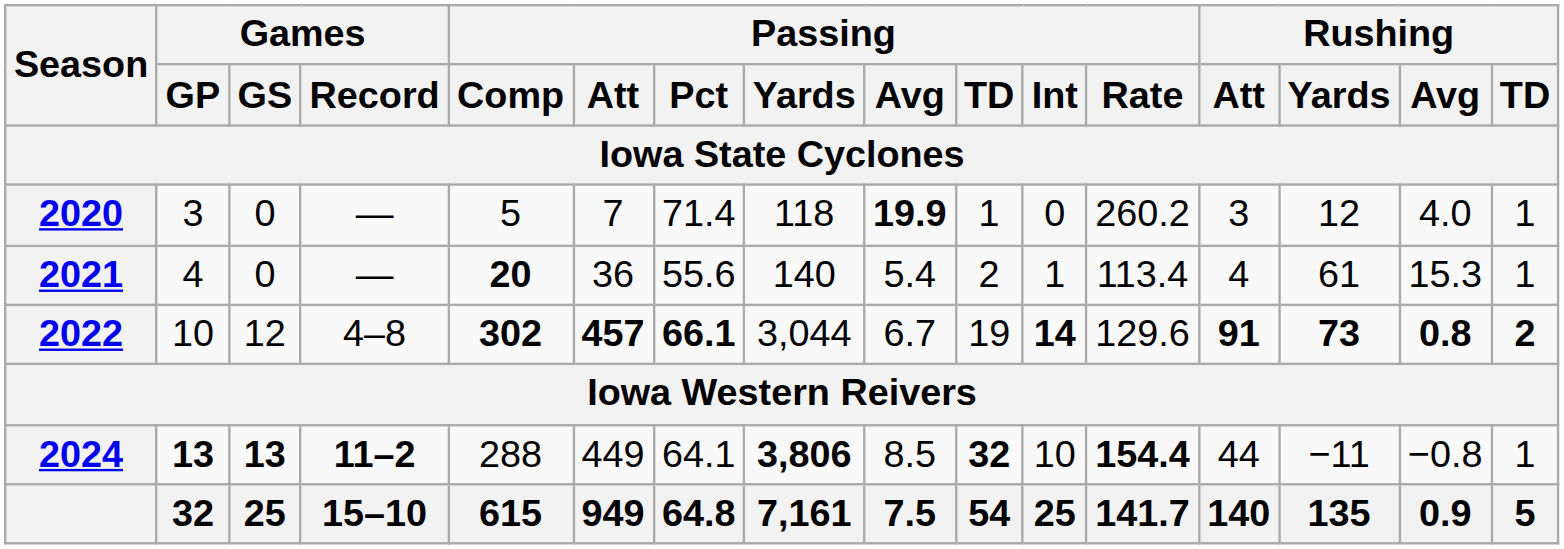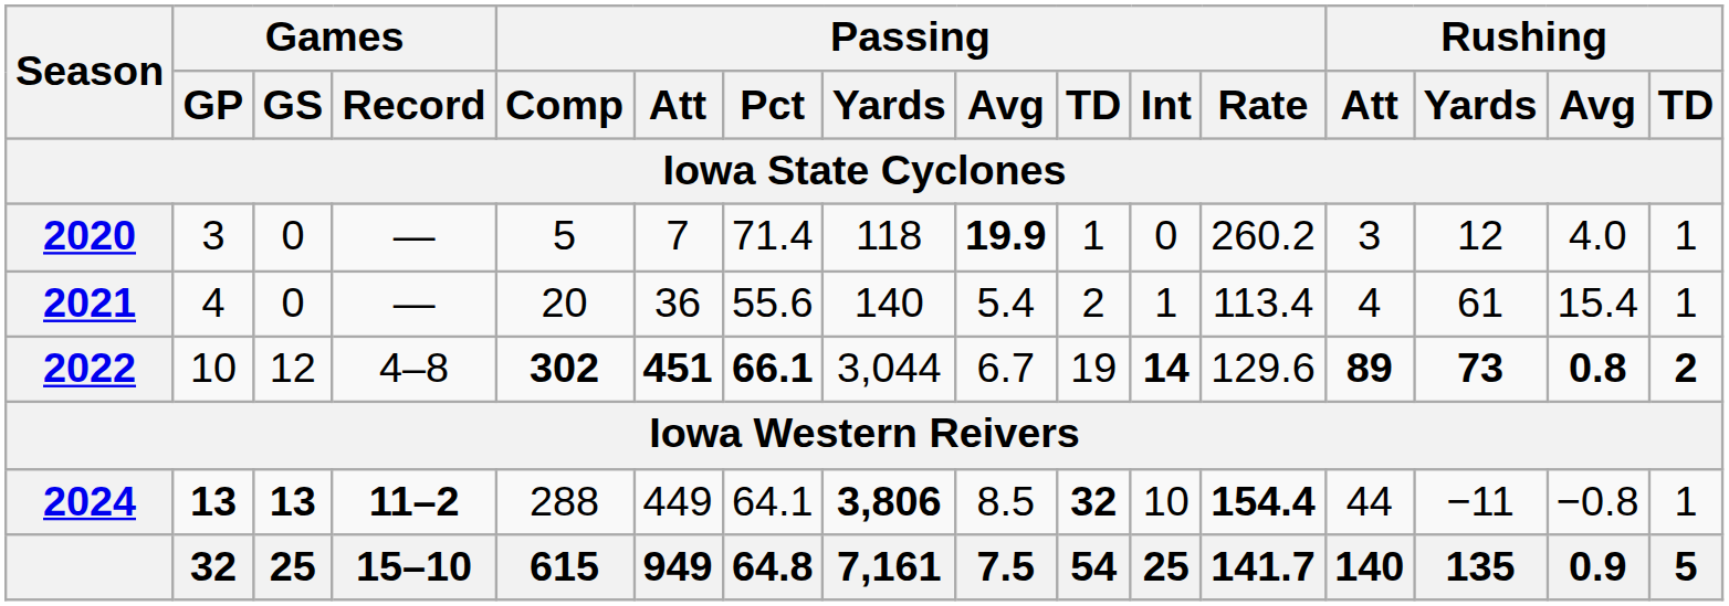 <table class="wikitable" style="text-align:center;">
 <tr>
 <th rowspan="2">Season</th>
 <th colspan="3">Games</th>
 <th colspan="8">Passing</th>
 <th colspan="4">Rushing</th>
 </tr>
 <tr>
 <th>GP</th>
 <th>GS</th>
 <th>Record</th>
 <th>Comp</th>
 <th>Att</th>
 <th>Pct</th>
 <th>Yards</th>
 <th>Avg</th>
 <th>TD</th>
 <th>Int</th>
 <th>Rate</th>
 <th>Att</th>
 <th>Yards</th>
 <th>Avg</th>
 <th>TD</th>
 </tr>
 <tr>
 <th colspan="16">Iowa State Cyclones</th>
 </tr>
 <tr>
 <th><a href='#'>2020</a></th>
 <td>3</td>
 <td>0</td>
 <td>—</td>
 <td>5</td>
 <td>7</td>
 <td>71.4</td>
 <td>118</td>
 <td><strong>19.9</strong></td>
 <td>1</td>
 <td>0</td>
 <td>260.2</td>
 <td>3</td>
 <td>12</td>
 <td>4.0</td>
 <td>1</td>
 </tr>
 <tr>
 <th><a href='#'>2021</a></th>
 <td>4</td>
 <td>0</td>
 <td>—</td>
-<td><strong>20</strong></td>
+<td>20</td>
 <td>36</td>
 <td>55.6</td>
 <td>140</td>
 <td>5.4</td>
 <td>2</td>
 <td>1</td>
 <td>113.4</td>
 <td>4</td>
 <td>61</td>
-<td>15.3</td>
+<td>15.4</td>
 <td>1</td>
 </tr>
 <tr>
 <th><a href='#'>2022</a></th>
 <td>10</td>
 <td>12</td>
 <td>4–8</td>
 <td><strong>302</strong></td>
-<td><strong>457</strong></td>
+<td><strong>451</strong></td>
 <td><strong>66.1</strong></td>
 <td>3,044</td>
 <td>6.7</td>
 <td>19</td>
 <td><strong>14</strong></td>
 <td>129.6</td>
-<td><strong>91</strong></td>
+<td><strong>89</strong></td>
 <td><strong>73</strong></td>
 <td><strong>0.8</strong></td>
 <td><strong>2</strong></td>
 </tr>
 <tr>
 <th colspan="16">Iowa Western Reivers</th>
 </tr>
 <tr>
 <th><a href='#'>2024</a></th>
 <td><strong>13</strong></td>
 <td><strong>13</strong></td>
 <td><strong>11–2</strong></td>
 <td>288</td>
 <td>449</td>
 <td>64.1</td>
 <td><strong>3,806</strong></td>
 <td>8.5</td>
 <td><strong>32</strong></td>
 <td>10</td>
 <td><strong>154.4</strong></td>
 <td>44</td>
 <td>−11</td>
 <td>−0.8</td>
 <td>1</td>
 </tr>
 <tr>
 <th></th>
 <th>32</th>
 <th>25</th>
 <th>15–10</th>
 <th>615</th>
 <th>949</th>
 <th>64.8</th>
 <th>7,161</th>
 <th>7.5</th>
 <th>54</th>
 <th>25</th>
 <th>141.7</th>
 <th>140</th>
 <th>135</th>
 <th>0.9</th>
 <th>5</th>
 </tr>
 </table>
